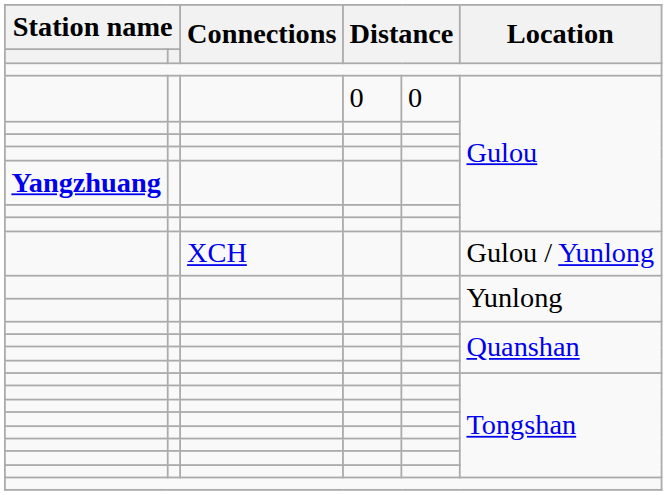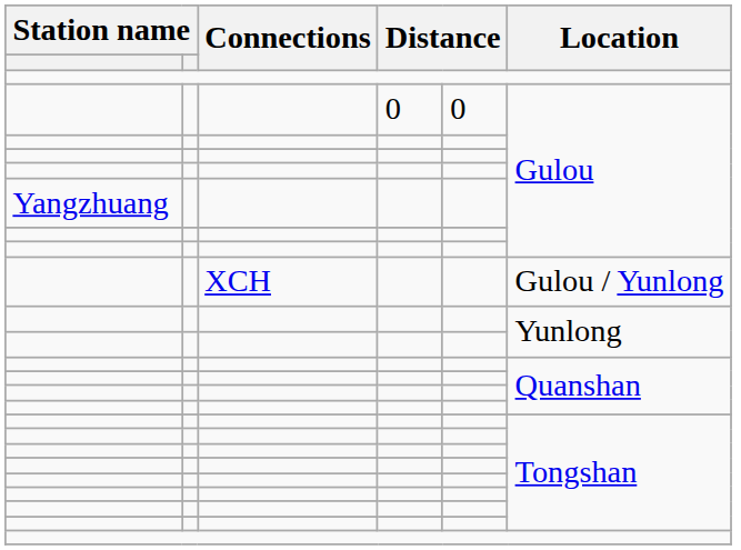 <table class="wikitable">
 <tr>
 <th colspan="2">Station name</th>
 <th rowspan="2">Connections</th>
 <th colspan="2" rowspan="2">Distance<br></th>
 <th rowspan="2">Location</th>
 </tr>
 <tr>
 <th></th>
 <th></th>
 </tr>
 <tr style="background:#">
 <td colspan = "6"></td>
 </tr>
 <tr>
 <td></td>
 <td></td>
 <td></td>
 <td>0</td>
 <td>0</td>
 <td rowspan="7"><a href='#'>Gulou</a></td>
 </tr>
 <tr>
 <td></td>
 <td></td>
 <td></td>
 <td></td>
 <td></td>
 </tr>
 <tr>
 <td></td>
 <td></td>
 <td></td>
 <td></td>
 <td></td>
 </tr>
 <tr>
 <td></td>
 <td></td>
 <td></td>
 <td></td>
 <td></td>
 </tr>
 <tr>
-<td><strong><a href='#'>Yangzhuang</a></strong></td>
+<td><a href='#'>Yangzhuang</a></td>
 <td></td>
 <td></td>
 <td></td>
 <td></td>
 </tr>
 <tr>
 <td></td>
 <td></td>
 <td></td>
 <td></td>
 <td></td>
 </tr>
 <tr>
 <td></td>
 <td></td>
 <td></td>
 <td></td>
 <td></td>
 </tr>
 <tr>
 <td></td>
 <td></td>
 <td>  <a href='#'>XCH</a></td>
 <td></td>
 <td></td>
 <td>Gulou / <a href='#'>Yunlong</a></td>
 </tr>
 <tr>
 <td></td>
 <td></td>
 <td></td>
 <td></td>
 <td></td>
 <td rowspan="2">Yunlong</td>
 </tr>
 <tr>
 <td></td>
 <td></td>
 <td></td>
 <td></td>
 <td></td>
 </tr>
 <tr>
 <td></td>
 <td></td>
 <td></td>
 <td></td>
 <td></td>
 <td rowspan="4"><a href='#'>Quanshan</a></td>
 </tr>
 <tr>
 <td></td>
 <td></td>
 <td></td>
 <td></td>
 <td></td>
 </tr>
 <tr>
 <td></td>
 <td></td>
 <td></td>
 <td></td>
 <td></td>
 </tr>
 <tr>
 <td></td>
 <td></td>
 <td></td>
 <td></td>
 <td></td>
 </tr>
 <tr>
 <td></td>
 <td></td>
 <td></td>
 <td></td>
 <td></td>
 <td rowspan="8"><a href='#'>Tongshan</a></td>
 </tr>
 <tr>
 <td></td>
 <td></td>
 <td></td>
 <td></td>
 <td></td>
 </tr>
 <tr>
 <td></td>
 <td></td>
 <td></td>
 <td></td>
 <td></td>
 </tr>
 <tr>
 <td></td>
 <td></td>
 <td></td>
 <td></td>
 <td></td>
 </tr>
 <tr>
 <td></td>
 <td></td>
 <td></td>
 <td></td>
 <td></td>
 </tr>
 <tr>
 <td></td>
 <td></td>
 <td></td>
 <td></td>
 <td></td>
 </tr>
 <tr>
 <td></td>
 <td></td>
 <td></td>
 <td></td>
 <td></td>
 </tr>
 <tr>
 <td></td>
 <td></td>
 <td></td>
 <td></td>
 <td></td>
 </tr>
 <tr style="background:#">
 <td colspan = "6"></td>
 </tr>
 </table>
